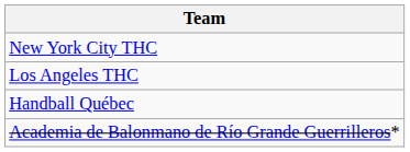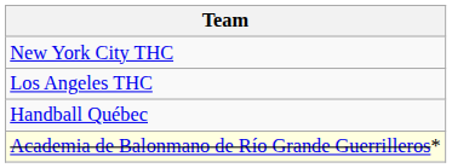 <table class="wikitable">
 <tr>
 <th>Team</th>
 </tr>
 <tr>
 <td> <a href='#'>New York City THC</a></td>
 </tr>
 <tr>
 <td> <a href='#'>Los Angeles THC</a></td>
 </tr>
 <tr>
 <td> <a href='#'>Handball Québec</a></td>
 </tr>
 <tr>
-<td><s> <a href='#'>Academia de Balonmano de Río Grande Guerrilleros</a></s>*</td>
+<td style="background: lightyellow;"><s> <a href='#'>Academia de Balonmano de Río Grande Guerrilleros</a></s>*</td>
 </tr>
 </table>
